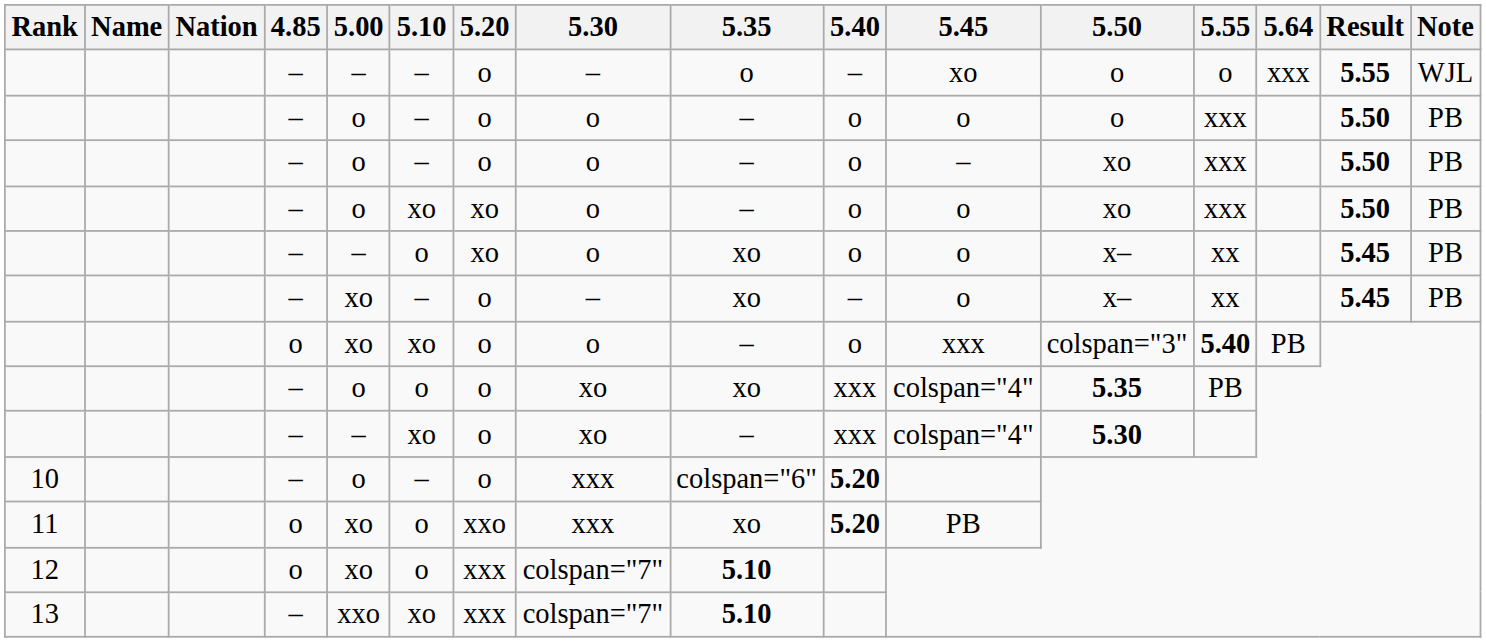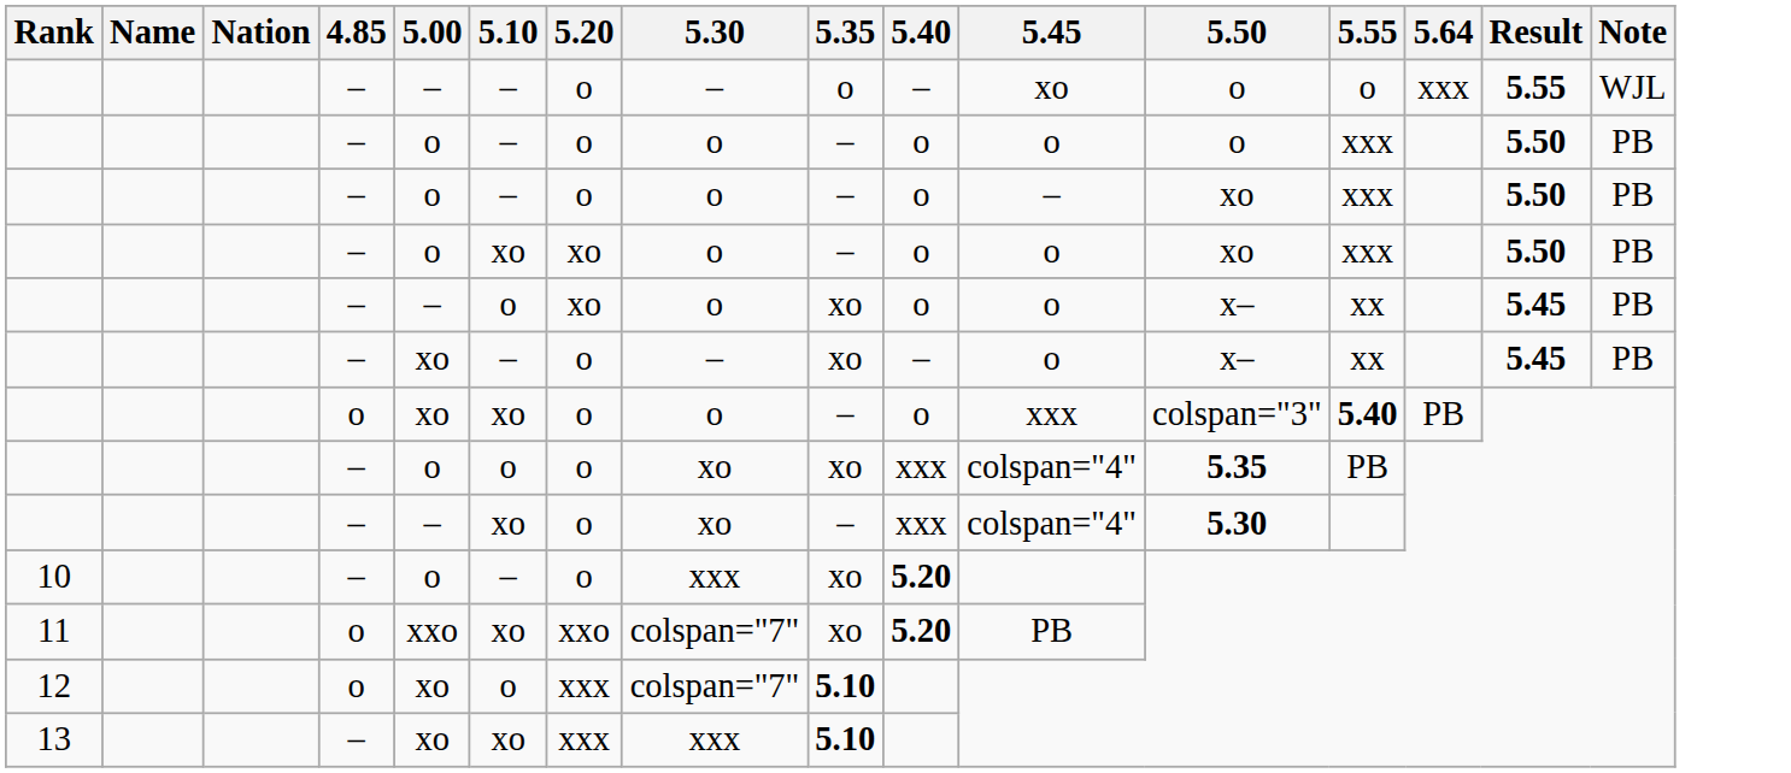 <table class="wikitable sortable" style="text-align:center">
 <tr>
 <th>Rank</th>
 <th>Name</th>
 <th>Nation</th>
 <th>4.85</th>
 <th>5.00</th>
 <th>5.10</th>
 <th>5.20</th>
 <th>5.30</th>
 <th>5.35</th>
 <th>5.40</th>
 <th>5.45</th>
 <th>5.50</th>
 <th>5.55</th>
 <th>5.64</th>
 <th>Result</th>
 <th>Note</th>
 </tr>
 <tr>
 <td></td>
 <td align=left></td>
 <td align=left></td>
 <td>–</td>
 <td>–</td>
 <td>–</td>
 <td>o</td>
 <td>–</td>
 <td>o</td>
 <td>–</td>
 <td>xo</td>
 <td>o</td>
 <td>o</td>
 <td>xxx</td>
 <td><strong>5.55</strong></td>
 <td>WJL</td>
 </tr>
 <tr>
 <td></td>
 <td align=left></td>
 <td align=left></td>
 <td>–</td>
 <td>o</td>
 <td>–</td>
 <td>o</td>
 <td>o</td>
 <td>–</td>
 <td>o</td>
 <td>o</td>
 <td>o</td>
 <td>xxx</td>
 <td></td>
 <td><strong>5.50</strong></td>
 <td>PB</td>
 </tr>
 <tr>
 <td></td>
 <td align=left></td>
 <td align=left></td>
 <td>–</td>
 <td>o</td>
 <td>–</td>
 <td>o</td>
 <td>o</td>
 <td>–</td>
 <td>o</td>
 <td>–</td>
 <td>xo</td>
 <td>xxx</td>
 <td></td>
 <td><strong>5.50</strong></td>
 <td>PB</td>
 </tr>
 <tr>
 <td></td>
 <td align=left></td>
 <td align=left></td>
 <td>–</td>
 <td>o</td>
 <td>xo</td>
 <td>xo</td>
 <td>o</td>
 <td>–</td>
 <td>o</td>
 <td>o</td>
 <td>xo</td>
 <td>xxx</td>
 <td></td>
 <td><strong>5.50</strong></td>
 <td>PB</td>
 </tr>
 <tr>
 <td></td>
 <td align=left></td>
 <td align=left></td>
 <td>–</td>
 <td>–</td>
 <td>o</td>
 <td>xo</td>
 <td>o</td>
 <td>xo</td>
 <td>o</td>
 <td>o</td>
 <td>x–</td>
 <td>xx</td>
 <td></td>
 <td><strong>5.45</strong></td>
 <td>PB</td>
 </tr>
 <tr>
 <td></td>
 <td align=left></td>
 <td align=left></td>
 <td>–</td>
 <td>xo</td>
 <td>–</td>
 <td>o</td>
 <td>–</td>
 <td>xo</td>
 <td>–</td>
 <td>o</td>
 <td>x–</td>
 <td>xx</td>
 <td></td>
 <td><strong>5.45</strong></td>
 <td>PB</td>
 </tr>
 <tr>
 <td></td>
 <td align=left></td>
 <td align=left></td>
 <td>o</td>
 <td>xo</td>
 <td>xo</td>
 <td>o</td>
 <td>o</td>
 <td>–</td>
 <td>o</td>
 <td>xxx</td>
 <td>colspan="3" </td>
 <td><strong>5.40</strong></td>
 <td>PB</td>
 </tr>
 <tr>
 <td></td>
 <td align=left></td>
 <td align=left></td>
 <td>–</td>
 <td>o</td>
 <td>o</td>
 <td>o</td>
 <td>xo</td>
 <td>xo</td>
 <td>xxx</td>
 <td>colspan="4" </td>
 <td><strong>5.35</strong></td>
 <td>PB</td>
 </tr>
 <tr>
 <td></td>
 <td align=left></td>
 <td align=left></td>
 <td>–</td>
 <td>–</td>
 <td>xo</td>
 <td>o</td>
 <td>xo</td>
 <td>–</td>
 <td>xxx</td>
 <td>colspan="4" </td>
 <td><strong>5.30</strong></td>
 <td></td>
 </tr>
 <tr>
 <td>10</td>
 <td align=left></td>
 <td align=left></td>
 <td>–</td>
 <td>o</td>
 <td>–</td>
 <td>o</td>
 <td>xxx</td>
-<td>colspan="6" </td>
+<td>xo</td>
 <td><strong>5.20</strong></td>
 <td></td>
 </tr>
 <tr>
 <td>11</td>
 <td align=left></td>
 <td align=left></td>
 <td>o</td>
+<td>xxo</td>
 <td>xo</td>
-<td>o</td>
 <td>xxo</td>
-<td>xxx</td>
+<td>colspan="7" </td>
 <td>xo</td>
 <td><strong>5.20</strong></td>
 <td>PB</td>
 </tr>
 <tr>
 <td>12</td>
 <td align=left></td>
 <td align=left></td>
 <td>o</td>
 <td>xo</td>
 <td>o</td>
 <td>xxx</td>
 <td>colspan="7" </td>
 <td><strong>5.10</strong></td>
 <td></td>
 </tr>
 <tr>
 <td>13</td>
 <td align=left></td>
 <td align=left></td>
 <td>–</td>
-<td>xxo</td>
+<td>xo</td>
 <td>xo</td>
 <td>xxx</td>
-<td>colspan="7" </td>
+<td>xxx</td>
 <td><strong>5.10</strong></td>
 <td></td>
 </tr>
 </table>
